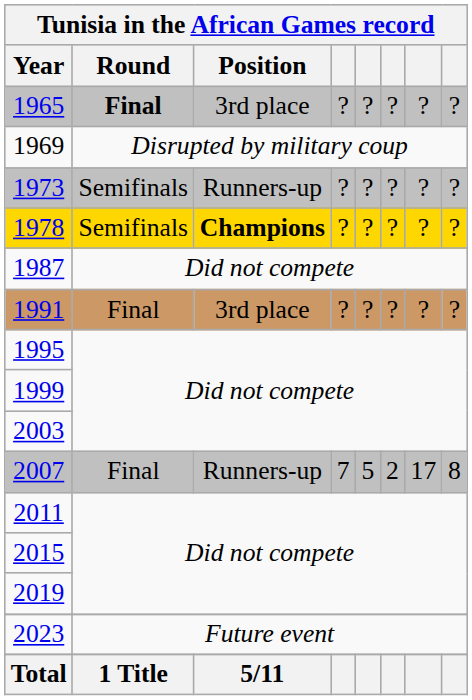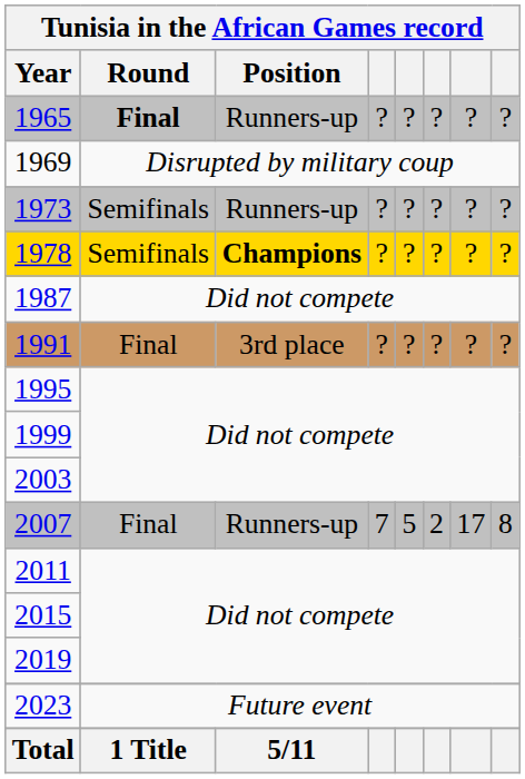 <table class="wikitable" style="text-align: center;">
 <tr>
 <th colspan=10>Tunisia in the <a href='#'>African Games record</a></th>
 </tr>
 <tr>
 <th>Year</th>
 <th>Round</th>
 <th>Position</th>
 <th></th>
 <th></th>
 <th></th>
 <th></th>
 <th></th>
 </tr>
 <tr style="background:silver;">
 <td> <a href='#'>1965</a></td>
 <td><strong>Final</strong></td>
-<td> 3rd place</td>
+<td> Runners-up</td>
 <td>?</td>
 <td>?</td>
 <td>?</td>
 <td>?</td>
 <td>?</td>
 </tr>
 <tr style=>
 <td> 1969</td>
 <td colspan=10 rowspan=1><em>Disrupted by military coup</em></td>
 </tr>
 <tr style="background:silver;">
 <td> <a href='#'>1973</a></td>
 <td>Semifinals</td>
 <td> Runners-up</td>
 <td>?</td>
 <td>?</td>
 <td>?</td>
 <td>?</td>
 <td>?</td>
 </tr>
 <tr style="background:gold;">
 <td> <a href='#'>1978</a></td>
 <td>Semifinals</td>
 <td> <strong>Champions</strong></td>
 <td>?</td>
 <td>?</td>
 <td>?</td>
 <td>?</td>
 <td>?</td>
 </tr>
 <tr style=>
 <td> <a href='#'>1987</a></td>
 <td colspan=10 rowspan=1><em>Did not compete</em></td>
 </tr>
 <tr style="background:#cc9966">
 <td> <a href='#'>1991</a></td>
 <td>Final</td>
 <td> 3rd place</td>
 <td>?</td>
 <td>?</td>
 <td>?</td>
 <td>?</td>
 <td>?</td>
 </tr>
 <tr style=>
 <td> <a href='#'>1995</a></td>
 <td colspan=10 rowspan=3><em>Did not compete</em></td>
 </tr>
 <tr style=>
 <td> <a href='#'>1999</a></td>
 </tr>
 <tr style=>
 <td> <a href='#'>2003</a></td>
 </tr>
 <tr style="background:silver;">
 <td> <a href='#'>2007</a></td>
 <td>Final</td>
 <td> Runners-up</td>
 <td>7</td>
 <td>5</td>
 <td>2</td>
 <td>17</td>
 <td>8</td>
 </tr>
 <tr style=>
 <td> <a href='#'>2011</a></td>
 <td colspan=10 rowspan=3><em>Did not compete</em></td>
 </tr>
 <tr style=>
 <td> <a href='#'>2015</a></td>
 </tr>
 <tr style=>
 <td> <a href='#'>2019</a></td>
 </tr>
 <tr style=>
 </tr>
 <tr style=>
 <td> <a href='#'>2023</a></td>
 <td colspan=10 rowspan=1><em>Future event</em></td>
 </tr>
 <tr style=>
 </tr>
 <tr>
 <th>Total</th>
 <th>1 Title</th>
 <th>5/11</th>
 <th></th>
 <th></th>
 <th></th>
 <th></th>
 <th></th>
 </tr>
 </table>
